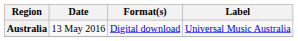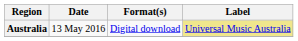 <table class="wikitable plainrowheaders">
 <tr>
 <th scope="col">Region</th>
 <th scope="col">Date</th>
 <th scope="col">Format(s)</th>
 <th scope="col">Label</th>
 </tr>
 <tr>
 <th scope="row">Australia</th>
 <td>13 May 2016</td>
 <td><a href='#'>Digital download</a></td>
-<td><a href='#'>Universal Music Australia</a></td>
+<td style="background: khaki;"><a href='#'>Universal Music Australia</a></td>
 </tr>
 <tr>
 </tr>
 </table>
